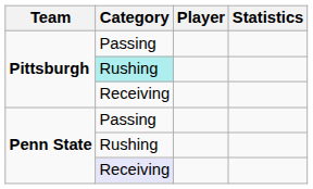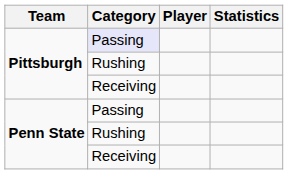 <table class="wikitable" style="float: right;">
 <tr>
 <th>Team</th>
 <th>Category</th>
 <th>Player</th>
 <th>Statistics</th>
 </tr>
 <tr>
 <td rowspan=3><strong>Pittsburgh</strong></td>
-<td>Passing</td>
+<td style="background: lavender;">Passing</td>
 <td></td>
 <td></td>
 </tr>
 <tr>
-<td style="background: paleturquoise;">Rushing</td>
+<td>Rushing</td>
 <td></td>
 <td></td>
 </tr>
 <tr>
 <td>Receiving</td>
 <td></td>
 <td></td>
 </tr>
 <tr>
 <td rowspan=3><strong>Penn State</strong></td>
 <td>Passing</td>
 <td></td>
 <td></td>
 </tr>
 <tr>
 <td>Rushing</td>
 <td></td>
 <td></td>
 </tr>
 <tr>
-<td style="background: lavender;">Receiving</td>
+<td>Receiving</td>
 <td></td>
 <td></td>
 </tr>
 </table>
